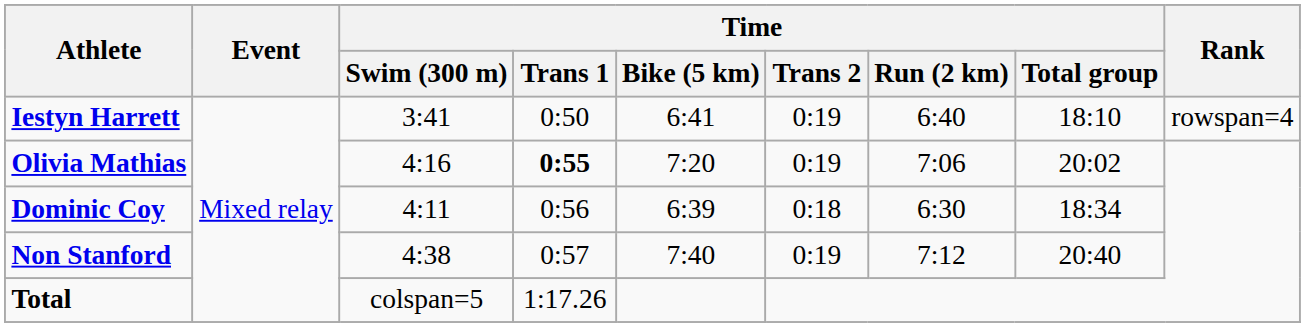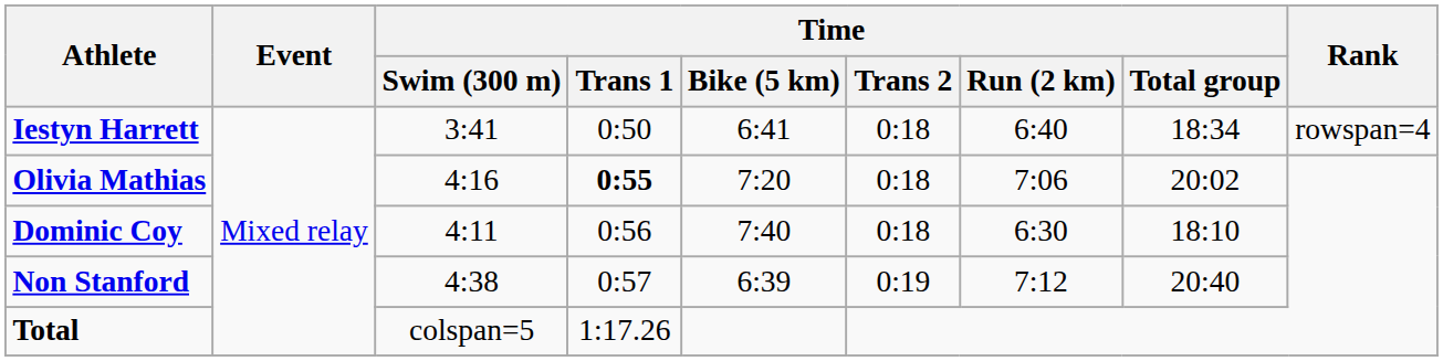 <table class="wikitable" style="font-size:90%;text-align:center;">
 <tr>
 <th rowspan=2>Athlete</th>
 <th rowspan=2>Event</th>
 <th colspan=6>Time</th>
 <th rowspan=2>Rank</th>
 </tr>
 <tr>
 <th>Swim (300 m)</th>
 <th>Trans 1</th>
 <th>Bike (5 km)</th>
 <th>Trans 2</th>
 <th>Run (2 km)</th>
 <th>Total group</th>
 </tr>
 <tr>
 <td align=left><strong><a href='#'>Iestyn Harrett</a></strong></td>
 <td align=left rowspan=5><a href='#'>Mixed relay</a></td>
 <td>3:41</td>
 <td>0:50</td>
 <td>6:41</td>
-<td>0:19</td>
+<td>0:18</td>
 <td>6:40</td>
-<td>18:10</td>
+<td>18:34</td>
 <td>rowspan=4 </td>
 </tr>
 <tr>
 <td align=left><strong><a href='#'>Olivia Mathias</a></strong></td>
 <td>4:16</td>
 <td><strong>0:55</strong></td>
 <td>7:20</td>
-<td>0:19</td>
+<td>0:18</td>
 <td>7:06</td>
 <td>20:02</td>
 </tr>
 <tr>
 <td align=left><strong><a href='#'>Dominic Coy</a></strong></td>
 <td>4:11</td>
 <td>0:56</td>
-<td>6:39</td>
+<td>7:40</td>
 <td>0:18</td>
 <td>6:30</td>
-<td>18:34</td>
+<td>18:10</td>
 </tr>
 <tr>
 <td align=left><strong><a href='#'>Non Stanford</a></strong></td>
 <td>4:38</td>
 <td>0:57</td>
-<td>7:40</td>
+<td>6:39</td>
 <td>0:19</td>
 <td>7:12</td>
 <td>20:40</td>
 </tr>
 <tr align=center>
 <td align=left><strong>Total</strong></td>
 <td>colspan=5 </td>
 <td>1:17.26</td>
 <td></td>
 </tr>
 </table>
